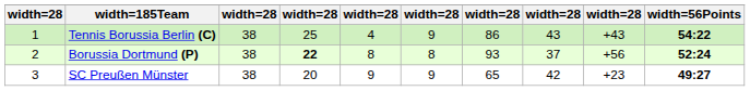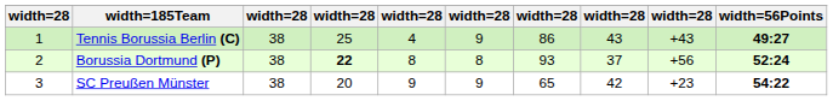 <table class="wikitable">
 <tr align="center" bgcolor="dfdfdf">
 </tr>
 <tr>
 <th>width=28<br></th>
 <th>width=185Team<br></th>
 <th>width=28<br></th>
 <th>width=28<br></th>
 <th>width=28<br></th>
 <th>width=28<br></th>
 <th>width=28<br></th>
 <th>width=28<br></th>
 <th>width=28<br></th>
 <th>width=56Points<br></th>
 </tr>
 <tr align="center" valign="top" bgcolor="D0F0C0">
 <td>1</td>
 <td align="left"><a href='#'>Tennis Borussia Berlin</a> <strong>(C)</strong></td>
 <td>38</td>
 <td>25</td>
 <td>4</td>
 <td>9</td>
 <td>86</td>
 <td>43</td>
 <td>+43</td>
-<td><strong>54:22</strong></td>
+<td><strong>49:27</strong></td>
 </tr>
 <tr align="center" valign="top" bgcolor="E8FFD8">
 <td>2</td>
 <td align="left"><a href='#'>Borussia Dortmund</a> <strong>(P)</strong></td>
 <td>38</td>
 <td><strong>22</strong></td>
 <td>8</td>
 <td>8</td>
 <td>93</td>
 <td>37</td>
 <td>+56</td>
 <td><strong>52:24</strong></td>
 </tr>
 <tr align="center" valign="top" bgcolor="ffffff">
 <td>3</td>
 <td align="left"><a href='#'>SC Preußen Münster</a></td>
 <td>38</td>
 <td>20</td>
 <td>9</td>
 <td>9</td>
 <td>65</td>
 <td>42</td>
 <td>+23</td>
-<td><strong>49:27</strong></td>
+<td><strong>54:22</strong></td>
 </tr>
 </table>
